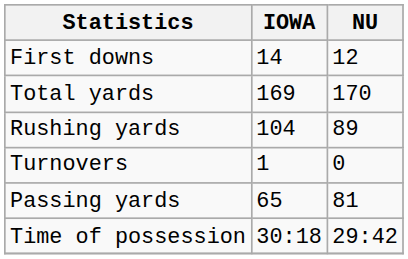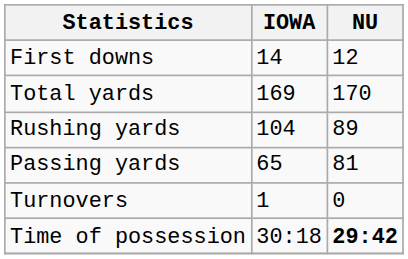 <table class="wikitable">
 <tr>
 <th>Statistics</th>
 <th>IOWA</th>
 <th>NU</th>
 </tr>
 <tr>
 <td>First downs</td>
 <td>14</td>
 <td>12</td>
 </tr>
 <tr>
 <td>Total yards</td>
 <td>169</td>
 <td>170</td>
 </tr>
 <tr>
 <td>Rushing yards</td>
 <td>104</td>
 <td>89</td>
 </tr>
 <tr>
+<td>Passing yards</td>
+<td>65</td>
+<td>81</td>
+</tr>
+<tr>
 <td>Turnovers</td>
 <td>1</td>
 <td>0</td>
 </tr>
 <tr>
-<td>Passing yards</td>
-<td>65</td>
-<td>81</td>
-</tr>
-<tr>
 <td>Time of possession</td>
 <td>30:18</td>
-<td>29:42</td>
+<td><strong>29:42</strong></td>
 </tr>
 <tr>
 </tr>
 </table>
